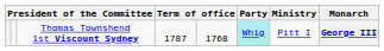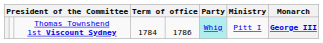 <table class="wikitable plainrowheaders" style="text-align:center;">
 <tr>
 <th colspan=3>President of the Committee</th>
 <th colspan=2>Term of office</th>
 <th>Party</th>
 <th>Ministry</th>
 <th>Monarch</th>
 </tr>
 <tr>
 <th style="background-color:"></th>
 <td></td>
 <td><a href='#'>Thomas Townshend<br>1st <strong>Viscount Sydney</strong></a></td>
-<td><br>1787</td>
-<td><br>1768</td>
+<td><br>1784</td>
+<td><br>1786</td>
 <td style="background: paleturquoise;"><a href='#'>Whig</a></td>
 <td><a href='#'>Pitt I</a></td>
 <th scope=row style="text-align:center;"><strong><a href='#'>George III</a></strong><br></th>
 </tr>
 </table>
